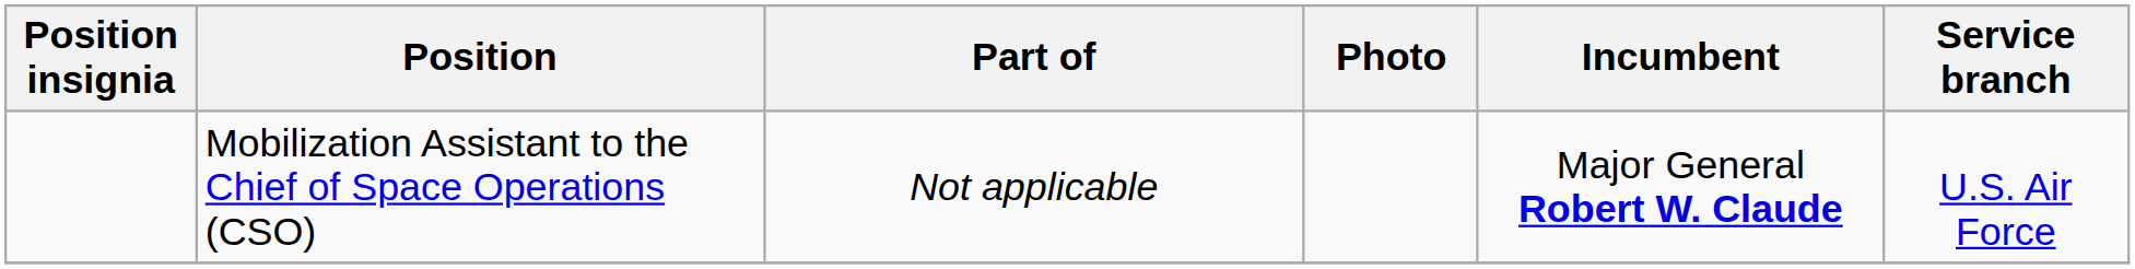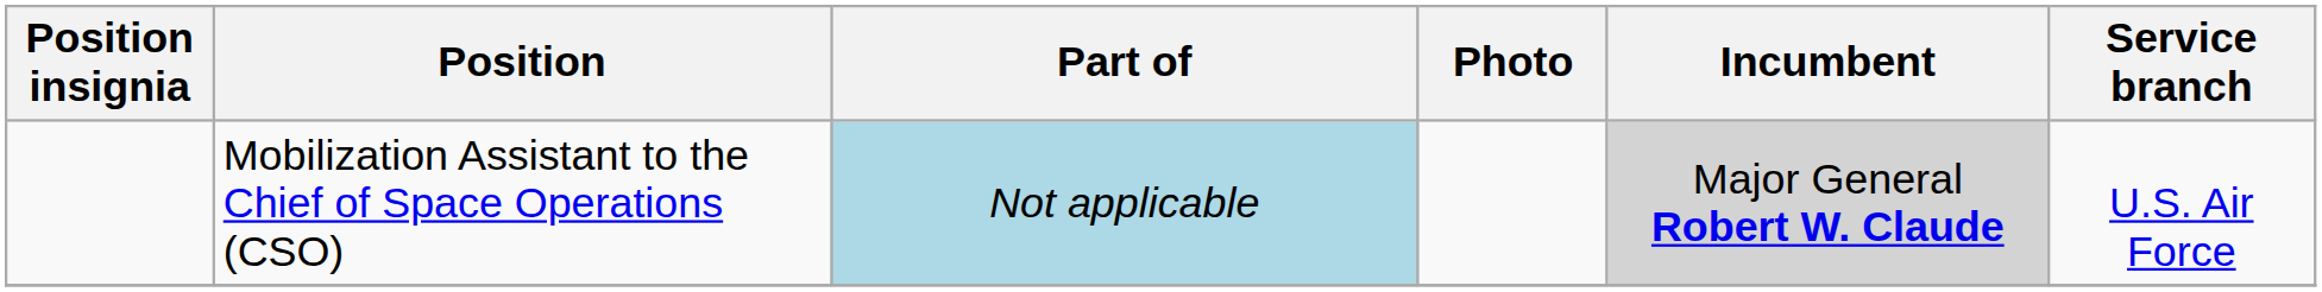 <table class="wikitable">
 <tr>
 <th width="75" style="text-align:center">Position insignia</th>
 <th width="310" style="text-align:center">Position</th>
 <th width="300" style="text-align:center">Part of</th>
 <th width="75" style="text-align:center">Photo</th>
 <th width="205" style="text-align:center">Incumbent</th>
 <th width="115" style="text-align:center">Service branch</th>
 </tr>
 <tr>
 <td></td>
 <td>Mobilization Assistant to the <a href='#'>Chief of Space Operations</a> (CSO)</td>
-<td style="text-align:center"><em>Not applicable</em></td>
+<td style="background: lightblue; text-align:center"><em>Not applicable</em></td>
 <td></td>
-<td style="text-align:center">Major General<br><strong><a href='#'>Robert W. Claude</a></strong></td>
+<td style="background: lightgrey; text-align:center">Major General<br><strong><a href='#'>Robert W. Claude</a></strong></td>
 <td style="text-align:center"><br><a href='#'>U.S. Air Force</a></td>
 </tr>
 <tr>
 </tr>
 </table>
